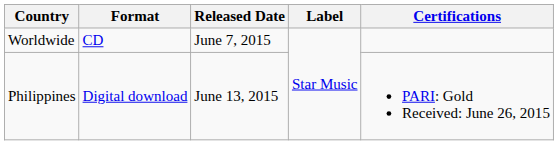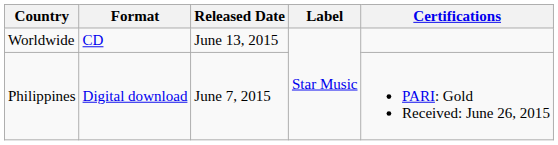 <table class="wikitable">
 <tr>
 <th>Country</th>
 <th>Format</th>
 <th>Released Date</th>
 <th>Label</th>
 <th><a href='#'>Certifications</a></th>
 </tr>
 <tr>
 <td>Worldwide</td>
 <td><a href='#'>CD</a></td>
-<td>June 7, 2015</td>
+<td>June 13, 2015</td>
 <td rowspan=2><a href='#'>Star Music</a></td>
 <td></td>
 </tr>
 <tr>
 <td>Philippines</td>
 <td><a href='#'>Digital download</a></td>
-<td>June 13, 2015</td>
+<td>June 7, 2015</td>
 <td><br><ul><li><a href='#'>PARI</a>: Gold</li><li>Received: June 26, 2015</li></ul></td>
 </tr>
 </table>
